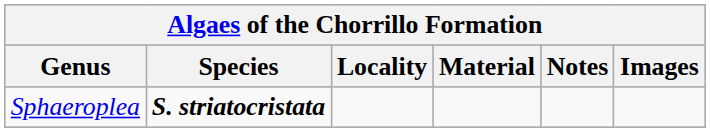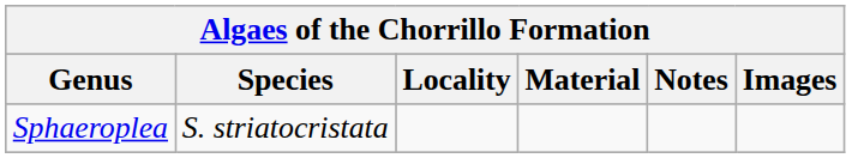 <table class="wikitable" align="center">
 <tr>
 <th colspan="7" align="center"><a href='#'>Algaes</a> of the Chorrillo Formation</th>
 </tr>
 <tr>
 <th>Genus</th>
 <th>Species</th>
 <th>Locality</th>
 <th>Material</th>
 <th>Notes</th>
 <th>Images</th>
 </tr>
 <tr>
 <td><em><a href='#'>Sphaeroplea</a></em></td>
-<td><strong><em>S. striatocristata</em></strong></td>
+<td><em>S. striatocristata</em></td>
 <td></td>
 <td></td>
 <td></td>
 <td></td>
 </tr>
 </table>
